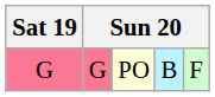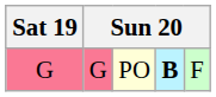 <table class="wikitable" style="margin:0.5em auto; font-size:90%; line-height:1.25em; text-align:center">
 <tr>
 <th>Sat 19</th>
 <th colspan="4">Sun 20</th>
 </tr>
 <tr>
 <td bgcolor="#FA7894">G</td>
 <td bgcolor="#FA7894">G</td>
 <td bgcolor="#FFFFD7">PO</td>
-<td bgcolor="#BBF3FF">B</td>
+<td bgcolor="#BBF3FF"><strong>B</strong></td>
 <td bgcolor="#ccffcc">F</td>
 </tr>
 </table>
